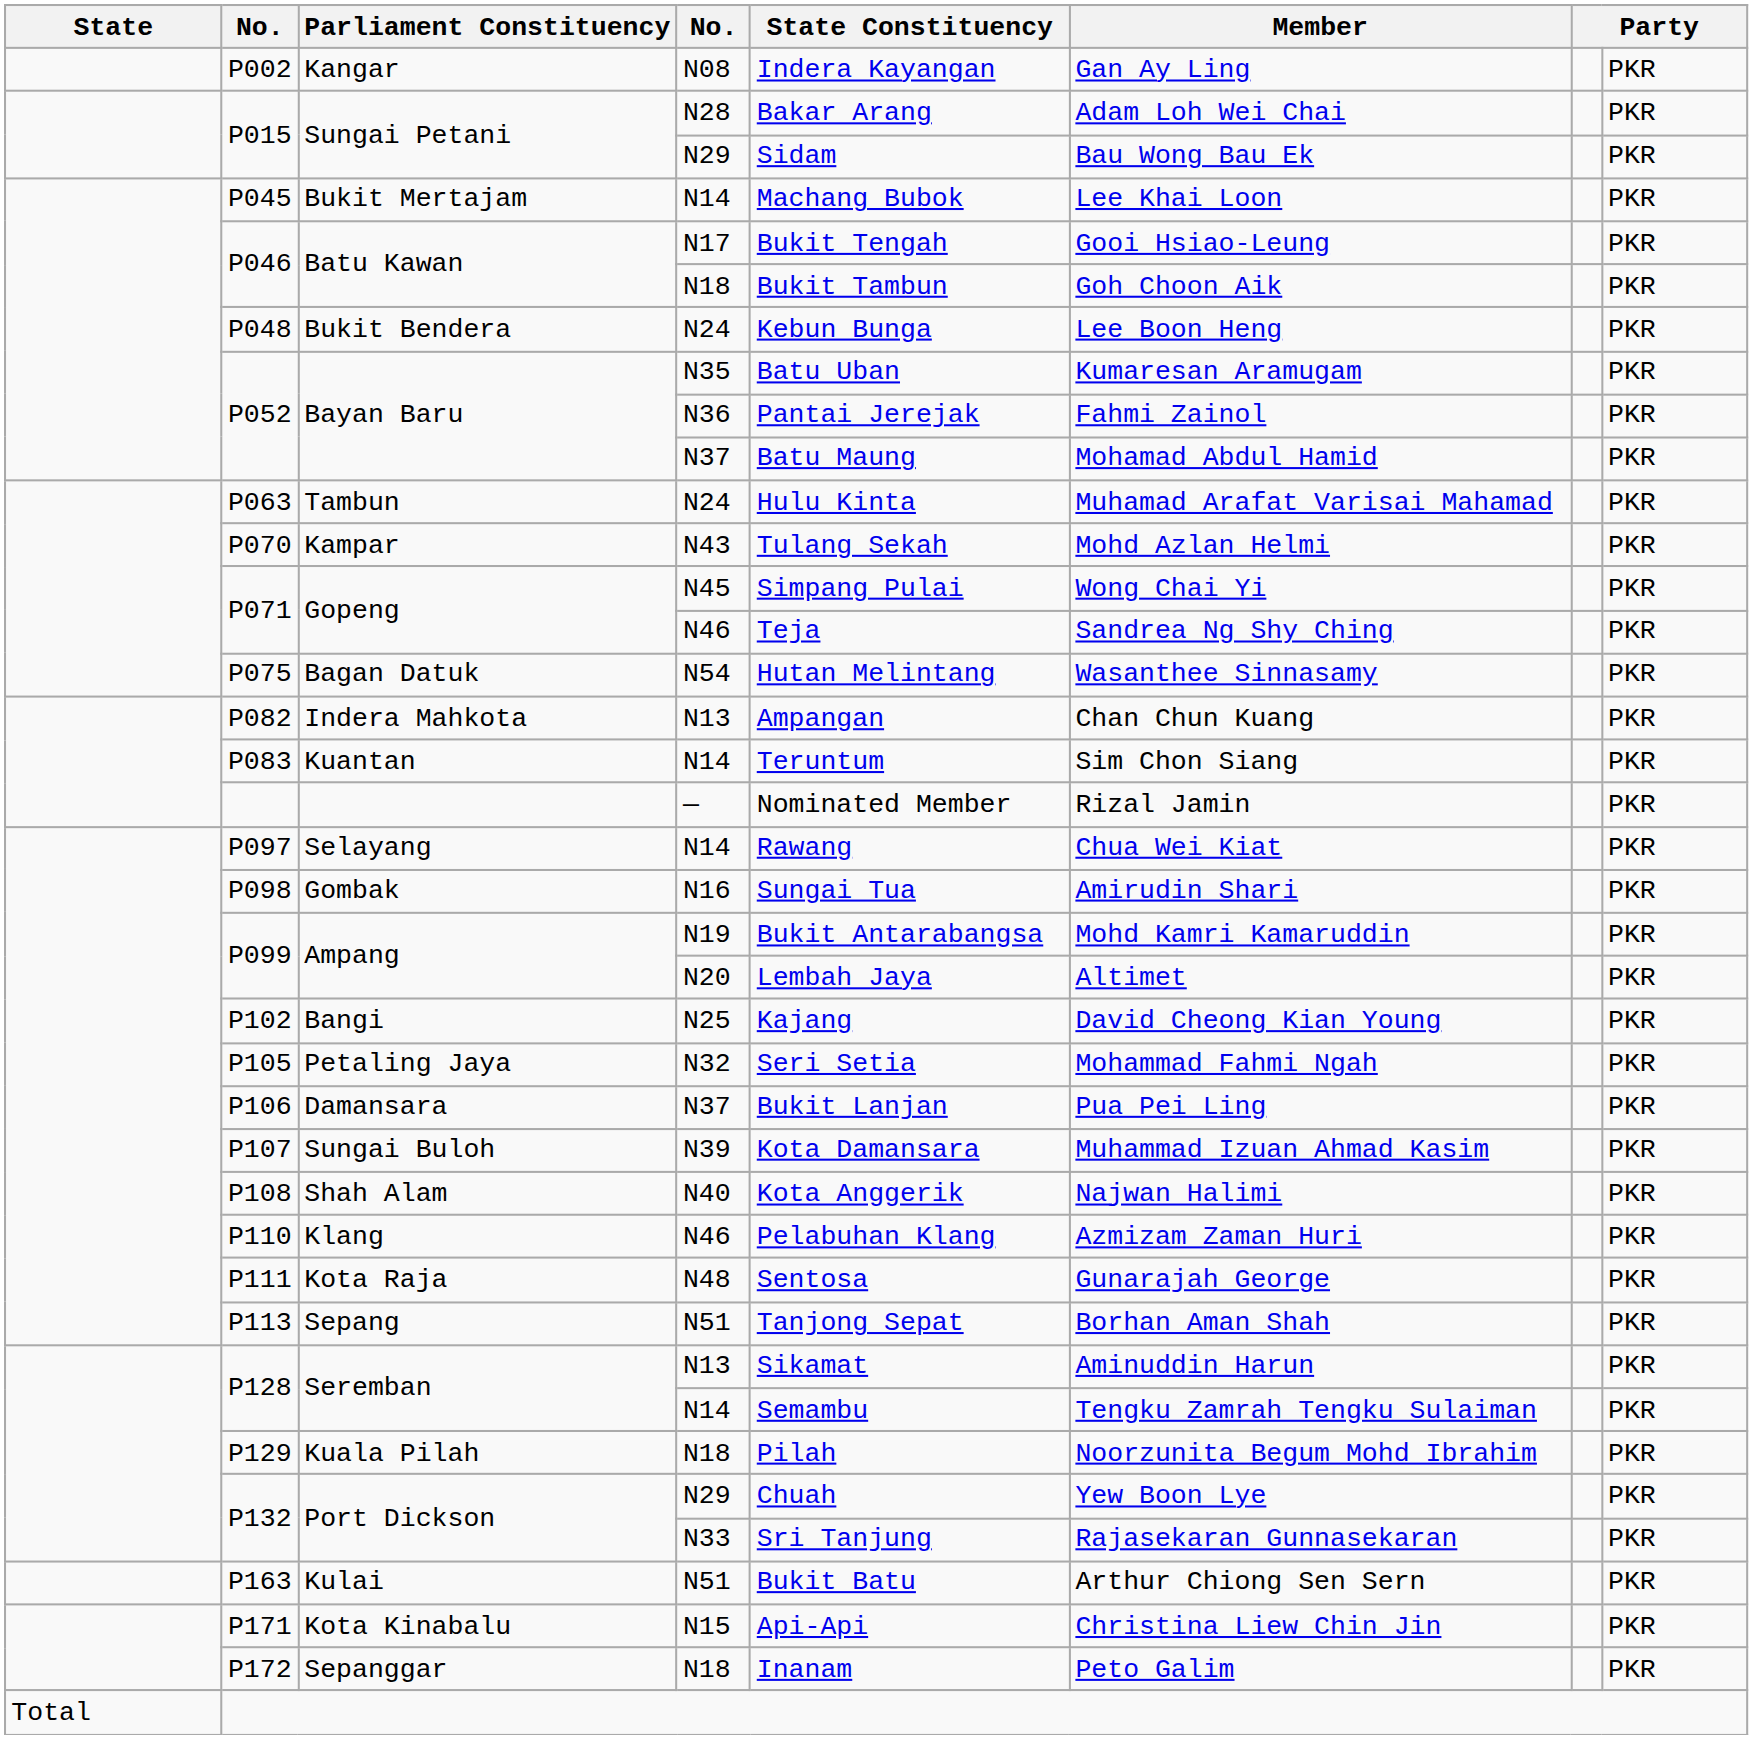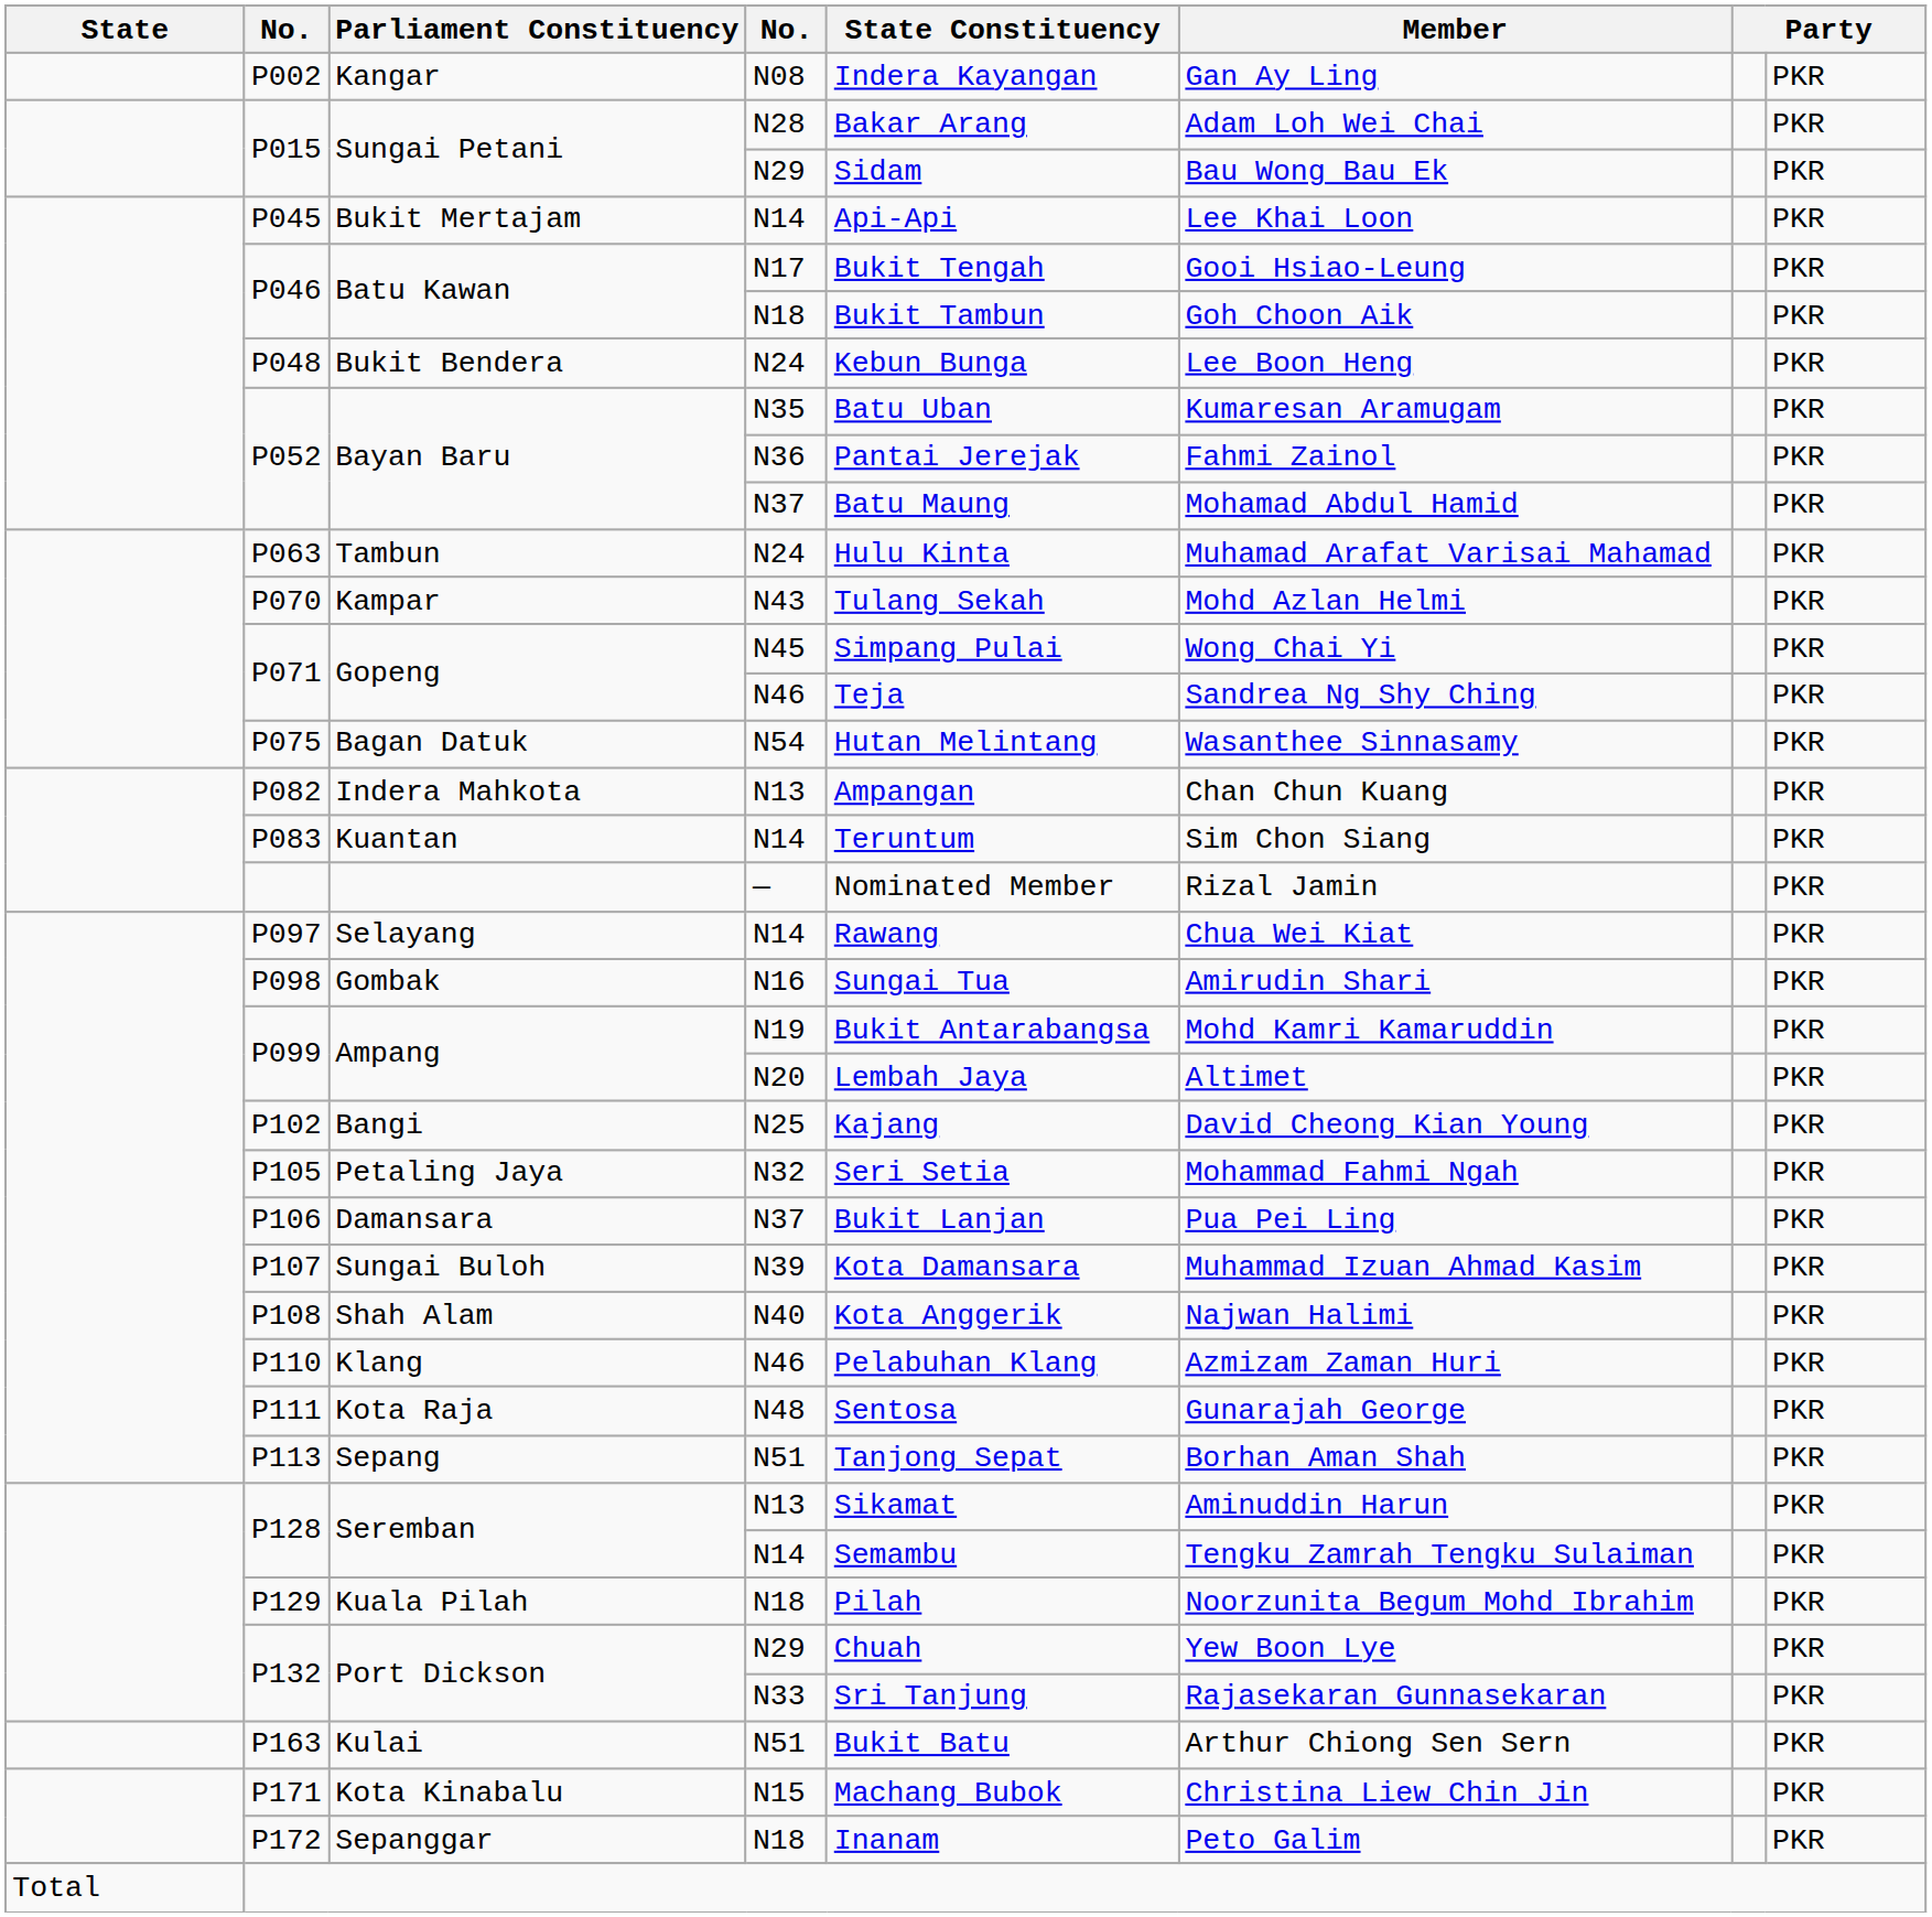 <table class ="wikitable sortable">
 <tr>
 <th style="width:100px;">State</th>
 <th>No.</th>
 <th>Parliament Constituency</th>
 <th style="width:30px;">No.</th>
 <th style="width:150px;">State Constituency</th>
 <th style="width:240px;">Member</th>
 <th style="width:80px;" colspan=2>Party</th>
 </tr>
 <tr>
 <td></td>
 <td>P002</td>
 <td>Kangar</td>
 <td>N08</td>
 <td><a href='#'>Indera Kayangan</a></td>
 <td><a href='#'>Gan Ay Ling</a></td>
 <td></td>
 <td>PKR</td>
 </tr>
 <tr>
 <td rowspan=2></td>
 <td rowspan=2>P015</td>
 <td rowspan=2>Sungai Petani</td>
 <td>N28</td>
 <td><a href='#'>Bakar Arang</a></td>
 <td><a href='#'>Adam Loh Wei Chai</a></td>
 <td></td>
 <td>PKR</td>
 </tr>
 <tr>
 <td>N29</td>
 <td><a href='#'>Sidam</a></td>
 <td><a href='#'>Bau Wong Bau Ek</a></td>
 <td></td>
 <td>PKR</td>
 </tr>
 <tr>
 <td rowspan=7></td>
 <td>P045</td>
 <td>Bukit Mertajam</td>
 <td>N14</td>
-<td><a href='#'>Machang Bubok</a></td>
+<td><a href='#'>Api-Api</a></td>
 <td><a href='#'>Lee Khai Loon</a></td>
 <td></td>
 <td>PKR</td>
 </tr>
 <tr>
 <td rowspan="2">P046</td>
 <td rowspan="2">Batu Kawan</td>
 <td>N17</td>
 <td><a href='#'>Bukit Tengah</a></td>
 <td><a href='#'>Gooi Hsiao-Leung</a></td>
 <td></td>
 <td>PKR</td>
 </tr>
 <tr>
 <td>N18</td>
 <td><a href='#'>Bukit Tambun</a></td>
 <td><a href='#'>Goh Choon Aik</a></td>
 <td></td>
 <td>PKR</td>
 </tr>
 <tr>
 <td>P048</td>
 <td>Bukit Bendera</td>
 <td>N24</td>
 <td><a href='#'>Kebun Bunga</a></td>
 <td><a href='#'>Lee Boon Heng</a></td>
 <td></td>
 <td>PKR</td>
 </tr>
 <tr>
 <td rowspan="3">P052</td>
 <td rowspan="3">Bayan Baru</td>
 <td>N35</td>
 <td><a href='#'>Batu Uban</a></td>
 <td><a href='#'>Kumaresan Aramugam</a></td>
 <td></td>
 <td>PKR</td>
 </tr>
 <tr>
 <td>N36</td>
 <td><a href='#'>Pantai Jerejak</a></td>
 <td><a href='#'>Fahmi Zainol</a></td>
 <td></td>
 <td>PKR</td>
 </tr>
 <tr>
 <td>N37</td>
 <td><a href='#'>Batu Maung</a></td>
 <td><a href='#'>Mohamad Abdul Hamid</a></td>
 <td></td>
 <td>PKR</td>
 </tr>
 <tr>
 <td rowspan=5></td>
 <td>P063</td>
 <td>Tambun</td>
 <td>N24</td>
 <td><a href='#'>Hulu Kinta</a></td>
 <td><a href='#'>Muhamad Arafat Varisai Mahamad</a></td>
 <td></td>
 <td>PKR</td>
 </tr>
 <tr>
 <td>P070</td>
 <td>Kampar</td>
 <td>N43</td>
 <td><a href='#'>Tulang Sekah</a></td>
 <td><a href='#'>Mohd Azlan Helmi</a></td>
 <td></td>
 <td>PKR</td>
 </tr>
 <tr>
 <td rowspan="2">P071</td>
 <td rowspan="2">Gopeng</td>
 <td>N45</td>
 <td><a href='#'>Simpang Pulai</a></td>
 <td><a href='#'>Wong Chai Yi</a></td>
 <td></td>
 <td>PKR</td>
 </tr>
 <tr>
 <td>N46</td>
 <td><a href='#'>Teja</a></td>
 <td><a href='#'>Sandrea Ng Shy Ching</a></td>
 <td></td>
 <td>PKR</td>
 </tr>
 <tr>
 <td>P075</td>
 <td>Bagan Datuk</td>
 <td>N54</td>
 <td><a href='#'>Hutan Melintang</a></td>
 <td><a href='#'>Wasanthee Sinnasamy</a></td>
 <td></td>
 <td>PKR</td>
 </tr>
 <tr>
 <td rowspan=3></td>
 <td>P082</td>
 <td>Indera Mahkota</td>
 <td>N13</td>
 <td><a href='#'>Ampangan</a></td>
 <td>Chan Chun Kuang</td>
 <td></td>
 <td>PKR</td>
 </tr>
 <tr>
 <td>P083</td>
 <td>Kuantan</td>
 <td>N14</td>
 <td><a href='#'>Teruntum</a></td>
 <td>Sim Chon Siang</td>
 <td></td>
 <td>PKR</td>
 </tr>
 <tr>
 <td></td>
 <td></td>
 <td>—</td>
 <td>Nominated Member</td>
 <td>Rizal Jamin</td>
 <td></td>
 <td>PKR</td>
 </tr>
 <tr>
 <td rowspan=12></td>
 <td>P097</td>
 <td>Selayang</td>
 <td>N14</td>
 <td><a href='#'>Rawang</a></td>
 <td><a href='#'>Chua Wei Kiat</a></td>
 <td></td>
 <td>PKR</td>
 </tr>
 <tr>
 <td>P098</td>
 <td>Gombak</td>
 <td>N16</td>
 <td><a href='#'>Sungai Tua</a></td>
 <td><a href='#'>Amirudin Shari</a></td>
 <td></td>
 <td>PKR</td>
 </tr>
 <tr>
 <td rowspan="2">P099</td>
 <td rowspan="2">Ampang</td>
 <td>N19</td>
 <td><a href='#'>Bukit Antarabangsa</a></td>
 <td><a href='#'>Mohd Kamri Kamaruddin</a></td>
 <td></td>
 <td>PKR</td>
 </tr>
 <tr>
 <td>N20</td>
 <td><a href='#'>Lembah Jaya</a></td>
 <td><a href='#'>Altimet</a></td>
 <td></td>
 <td>PKR</td>
 </tr>
 <tr>
 <td>P102</td>
 <td>Bangi</td>
 <td>N25</td>
 <td><a href='#'>Kajang</a></td>
 <td><a href='#'>David Cheong Kian Young</a></td>
 <td></td>
 <td>PKR</td>
 </tr>
 <tr>
 <td>P105</td>
 <td>Petaling Jaya</td>
 <td>N32</td>
 <td><a href='#'>Seri Setia</a></td>
 <td><a href='#'>Mohammad Fahmi Ngah</a></td>
 <td></td>
 <td>PKR</td>
 </tr>
 <tr>
 <td>P106</td>
 <td>Damansara</td>
 <td>N37</td>
 <td><a href='#'>Bukit Lanjan</a></td>
 <td><a href='#'>Pua Pei Ling</a></td>
 <td></td>
 <td>PKR</td>
 </tr>
 <tr>
 <td>P107</td>
 <td>Sungai Buloh</td>
 <td>N39</td>
 <td><a href='#'>Kota Damansara</a></td>
 <td><a href='#'>Muhammad Izuan Ahmad Kasim</a></td>
 <td></td>
 <td>PKR</td>
 </tr>
 <tr>
 <td>P108</td>
 <td>Shah Alam</td>
 <td>N40</td>
 <td><a href='#'>Kota Anggerik</a></td>
 <td><a href='#'>Najwan Halimi</a></td>
 <td></td>
 <td>PKR</td>
 </tr>
 <tr>
 <td>P110</td>
 <td>Klang</td>
 <td>N46</td>
 <td><a href='#'>Pelabuhan Klang</a></td>
 <td><a href='#'>Azmizam Zaman Huri</a></td>
 <td></td>
 <td>PKR</td>
 </tr>
 <tr>
 <td>P111</td>
 <td>Kota Raja</td>
 <td>N48</td>
 <td><a href='#'>Sentosa</a></td>
 <td><a href='#'>Gunarajah George</a></td>
 <td></td>
 <td>PKR</td>
 </tr>
 <tr>
 <td>P113</td>
 <td>Sepang</td>
 <td>N51</td>
 <td><a href='#'>Tanjong Sepat</a></td>
 <td><a href='#'>Borhan Aman Shah</a></td>
 <td></td>
 <td>PKR</td>
 </tr>
 <tr>
 <td rowspan=5></td>
 <td rowspan="2">P128</td>
 <td rowspan="2">Seremban</td>
 <td>N13</td>
 <td><a href='#'>Sikamat</a></td>
 <td><a href='#'>Aminuddin Harun</a></td>
 <td></td>
 <td>PKR</td>
 </tr>
 <tr>
 <td>N14</td>
 <td><a href='#'>Semambu</a></td>
 <td><a href='#'>Tengku Zamrah Tengku Sulaiman</a></td>
 <td></td>
 <td>PKR</td>
 </tr>
 <tr>
 <td>P129</td>
 <td>Kuala Pilah</td>
 <td>N18</td>
 <td><a href='#'>Pilah</a></td>
 <td><a href='#'>Noorzunita Begum Mohd Ibrahim</a></td>
 <td></td>
 <td>PKR</td>
 </tr>
 <tr>
 <td rowspan="2">P132</td>
 <td rowspan="2">Port Dickson</td>
 <td>N29</td>
 <td><a href='#'>Chuah</a></td>
 <td><a href='#'>Yew Boon Lye</a></td>
 <td></td>
 <td>PKR</td>
 </tr>
 <tr>
 <td>N33</td>
 <td><a href='#'>Sri Tanjung</a></td>
 <td><a href='#'>Rajasekaran Gunnasekaran</a></td>
 <td></td>
 <td>PKR</td>
 </tr>
 <tr>
 <td rowspan=1></td>
 <td>P163</td>
 <td>Kulai</td>
 <td>N51</td>
 <td><a href='#'>Bukit Batu</a></td>
 <td>Arthur Chiong Sen Sern</td>
 <td></td>
 <td>PKR</td>
 </tr>
 <tr>
 <td rowspan=2></td>
 <td>P171</td>
 <td>Kota Kinabalu</td>
 <td>N15</td>
-<td><a href='#'>Api-Api</a></td>
+<td><a href='#'>Machang Bubok</a></td>
 <td><a href='#'>Christina Liew Chin Jin</a></td>
 <td></td>
 <td>PKR</td>
 </tr>
 <tr>
 <td>P172</td>
 <td>Sepanggar</td>
 <td>N18</td>
 <td><a href='#'>Inanam</a></td>
 <td><a href='#'>Peto Galim</a></td>
 <td></td>
 <td>PKR</td>
 </tr>
 <tr>
 <td>Total</td>
 <td colspan="7"></td>
 </tr>
 </table>
